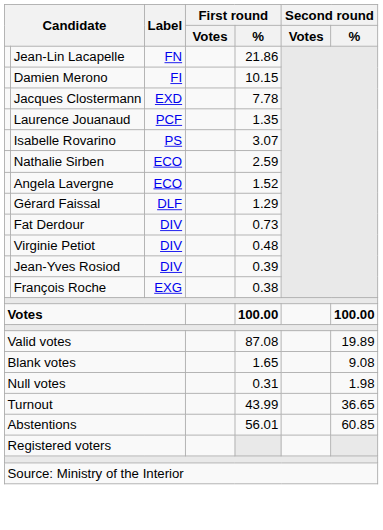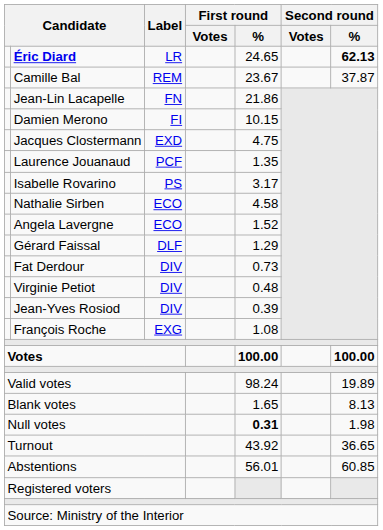 <table class="wikitable" style="text-align:right;font-size:95%;">
 <tr>
 <th rowspan="2" colspan="2">Candidate</th>
 <th rowspan="2">Label</th>
 <th colspan="2">First round</th>
 <th colspan="2">Second round</th>
 </tr>
 <tr>
 <th style="width:50px;">Votes</th>
 <th style="width:45px;">%</th>
 <th style="width:50px;">Votes</th>
 <th style="width:45px;">%</th>
+</tr>
+<tr>
+<td style="color:inherit;background:"></td>
+<td style="text-align:left;"><strong><a href='#'>Éric Diard</a></strong></td>
+<td><a href='#'>LR</a></td>
+<td></td>
+<td>24.65</td>
+<td><strong></strong></td>
+<td><strong>62.13</strong></td>
+</tr>
+<tr>
+<td style="color:inherit;background:"></td>
+<td style="text-align:left;">Camille Bal</td>
+<td><a href='#'>REM</a></td>
+<td></td>
+<td>23.67</td>
+<td></td>
+<td>37.87</td>
 </tr>
 <tr>
 <td style="color:inherit;background:"></td>
 <td style="text-align:left;">Jean-Lin Lacapelle</td>
 <td><a href='#'>FN</a></td>
 <td></td>
 <td>21.86</td>
 <td colspan="2" rowspan="12" style="background:#E9E9E9;"></td>
 </tr>
 <tr>
 <td style="color:inherit;background:"></td>
 <td style="text-align:left;">Damien Merono</td>
 <td><a href='#'>FI</a></td>
 <td></td>
 <td>10.15</td>
 </tr>
 <tr>
 <td style="color:inherit;background:"></td>
 <td style="text-align:left;">Jacques Clostermann</td>
 <td><a href='#'>EXD</a></td>
 <td></td>
-<td>7.78</td>
+<td>4.75</td>
 </tr>
 <tr>
 <td style="color:inherit;background:"></td>
 <td style="text-align:left;">Laurence Jouanaud</td>
 <td><a href='#'>PCF</a></td>
 <td></td>
 <td>1.35</td>
 </tr>
 <tr>
 <td style="color:inherit;background:"></td>
 <td style="text-align:left;">Isabelle Rovarino</td>
 <td><a href='#'>PS</a></td>
 <td></td>
-<td>3.07</td>
+<td>3.17</td>
 </tr>
 <tr>
 <td style="color:inherit;background:"></td>
 <td style="text-align:left;">Nathalie Sirben</td>
 <td><a href='#'>ECO</a></td>
 <td></td>
-<td>2.59</td>
+<td>4.58</td>
 </tr>
 <tr>
 <td style="color:inherit;background:"></td>
 <td style="text-align:left;">Angela Lavergne</td>
 <td><a href='#'>ECO</a></td>
 <td></td>
 <td>1.52</td>
 </tr>
 <tr>
 <td style="color:inherit;background:"></td>
 <td style="text-align:left;">Gérard Faissal</td>
 <td><a href='#'>DLF</a></td>
 <td></td>
 <td>1.29</td>
 </tr>
 <tr>
 <td style="color:inherit;background:"></td>
 <td style="text-align:left;">Fat Derdour</td>
 <td><a href='#'>DIV</a></td>
 <td></td>
 <td>0.73</td>
 </tr>
 <tr>
 <td style="color:inherit;background:"></td>
 <td style="text-align:left;">Virginie Petiot</td>
 <td><a href='#'>DIV</a></td>
 <td></td>
 <td>0.48</td>
 </tr>
 <tr>
 <td style="color:inherit;background:"></td>
 <td style="text-align:left;">Jean-Yves Rosiod</td>
 <td><a href='#'>DIV</a></td>
 <td></td>
 <td>0.39</td>
 </tr>
 <tr>
 <td style="color:inherit;background:"></td>
 <td style="text-align:left;">François Roche</td>
 <td><a href='#'>EXG</a></td>
 <td></td>
-<td>0.38</td>
+<td>1.08</td>
 </tr>
 <tr>
 <td colspan="7" style="background:#E9E9E9;"></td>
 </tr>
 <tr style="font-weight:bold;">
 <td colspan="3" style="text-align:left;">Votes</td>
 <td></td>
 <td>100.00</td>
 <td></td>
 <td>100.00</td>
 </tr>
 <tr>
 <td colspan="7" style="background:#E9E9E9;"></td>
 </tr>
 <tr>
 <td colspan="3" style="text-align:left;">Valid votes</td>
 <td></td>
-<td>87.08</td>
+<td>98.24</td>
 <td></td>
 <td>19.89</td>
 </tr>
 <tr>
 <td colspan="3" style="text-align:left;">Blank votes</td>
 <td></td>
 <td>1.65</td>
 <td></td>
-<td>9.08</td>
+<td>8.13</td>
 </tr>
 <tr>
 <td colspan="3" style="text-align:left;">Null votes</td>
 <td></td>
-<td>0.31</td>
+<td><strong>0.31</strong></td>
 <td></td>
 <td>1.98</td>
 </tr>
 <tr>
 <td colspan="3" style="text-align:left;">Turnout</td>
 <td></td>
-<td>43.99</td>
+<td>43.92</td>
 <td></td>
 <td>36.65</td>
 </tr>
 <tr>
 <td colspan="3" style="text-align:left;">Abstentions</td>
 <td></td>
 <td>56.01</td>
 <td></td>
 <td>60.85</td>
 </tr>
 <tr>
 <td colspan="3" style="text-align:left;">Registered voters</td>
 <td></td>
 <td style="color:inherit;background:#E9E9E9;"></td>
 <td></td>
 <td style="color:inherit;background:#E9E9E9;"></td>
 </tr>
 <tr>
 <td colspan="7" style="background:#E9E9E9;"></td>
 </tr>
 <tr>
 <td colspan="7" style="text-align:left;">Source: Ministry of the Interior</td>
 </tr>
 </table>
